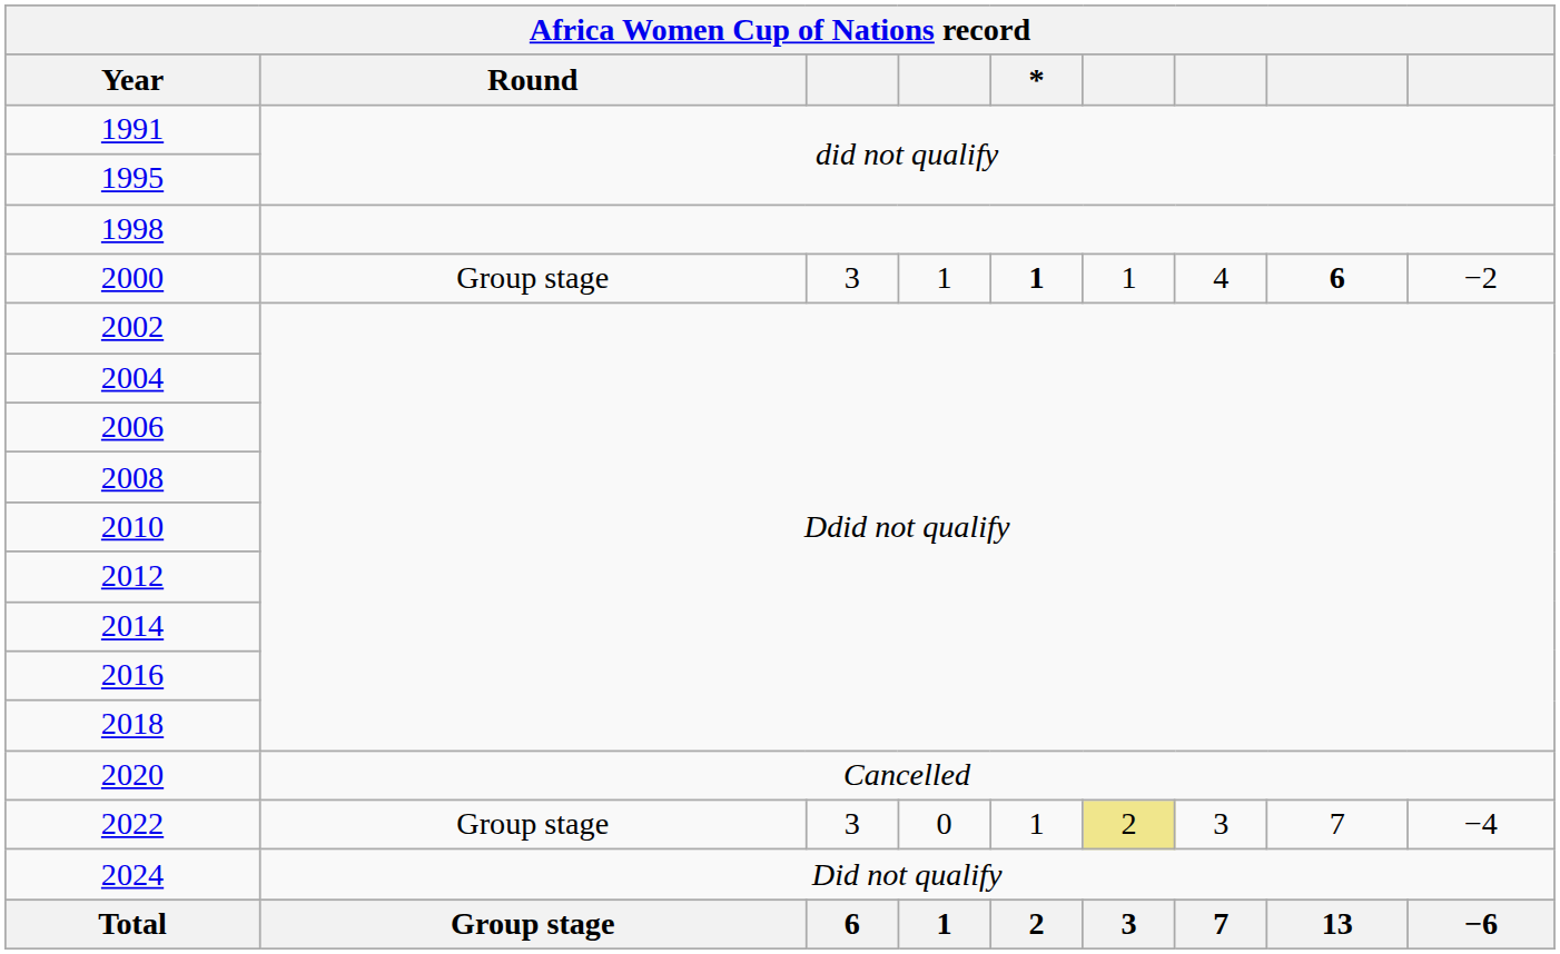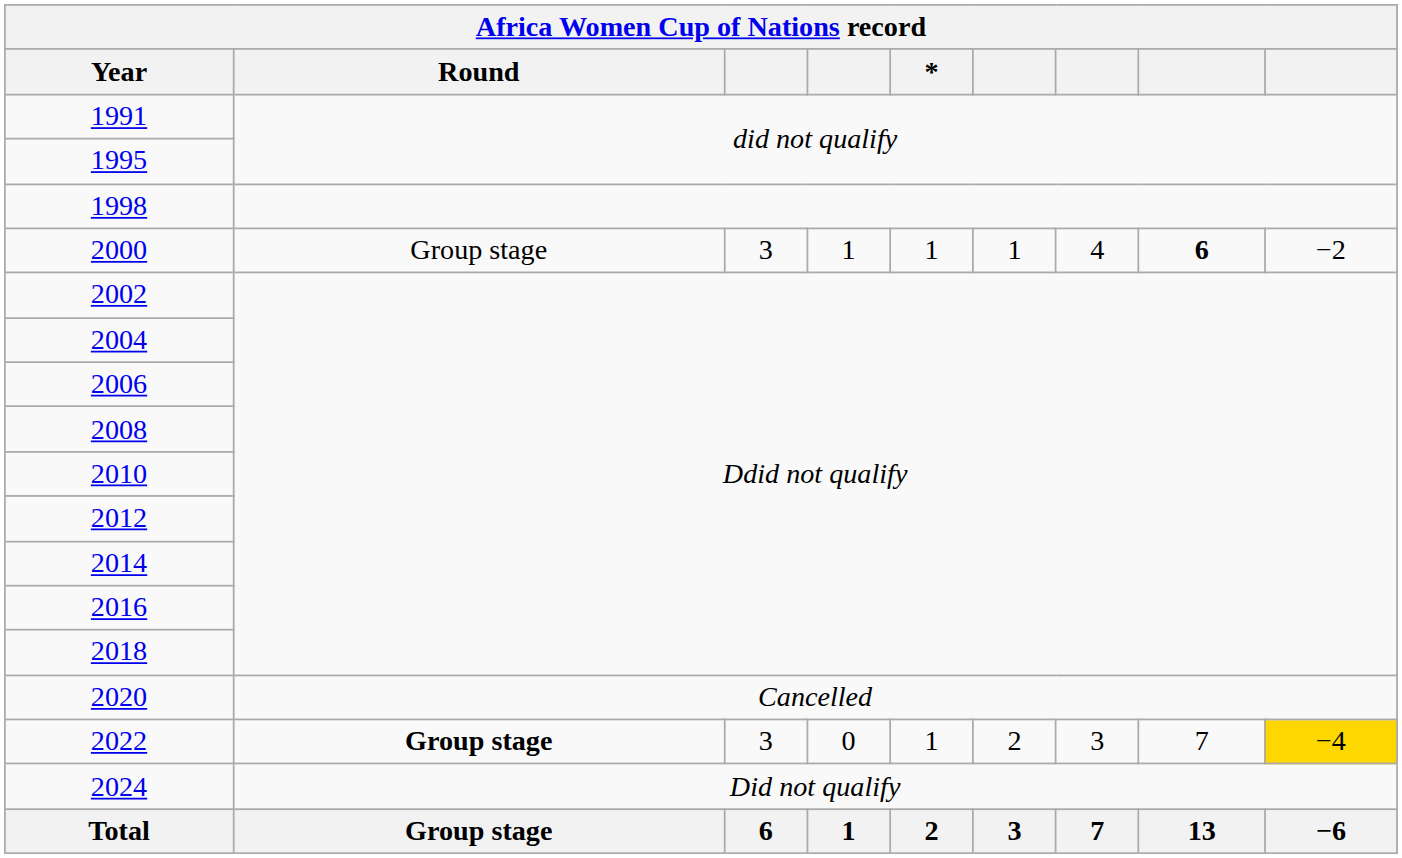 <table class="wikitable" style="text-align: center; width:50%;">
 <tr>
 <th colspan=10><a href='#'>Africa Women Cup of Nations</a> record</th>
 </tr>
 <tr>
 <th>Year</th>
 <th>Round</th>
 <th></th>
 <th></th>
 <th>*</th>
 <th></th>
 <th></th>
 <th></th>
 <th></th>
 </tr>
 <tr>
 <td><a href='#'>1991</a></td>
 <td colspan=8 rowspan=2><em>did not qualify</em></td>
 </tr>
 <tr>
 <td><a href='#'>1995</a></td>
 </tr>
 <tr>
 <td> <a href='#'>1998</a></td>
 </tr>
 <tr>
 <td> <a href='#'>2000</a></td>
 <td>Group stage</td>
 <td>3</td>
 <td>1</td>
-<td><strong>1</strong></td>
+<td>1</td>
 <td>1</td>
 <td>4</td>
 <td><strong>6</strong></td>
 <td>−2</td>
 </tr>
 <tr>
 <td> <a href='#'>2002</a></td>
 <td colspan=8 rowspan=9><em>Ddid not qualify</em></td>
 </tr>
 <tr>
 <td> <a href='#'>2004</a></td>
 </tr>
 <tr>
 <td> <a href='#'>2006</a></td>
 </tr>
 <tr>
 <td> <a href='#'>2008</a></td>
 </tr>
 <tr>
 <td> <a href='#'>2010</a></td>
 </tr>
 <tr>
 <td> <a href='#'>2012</a></td>
 </tr>
 <tr>
 <td> <a href='#'>2014</a></td>
 </tr>
 <tr>
 <td> <a href='#'>2016</a></td>
 </tr>
 <tr>
 <td> <a href='#'>2018</a></td>
 </tr>
 <tr>
 <td> <a href='#'>2020</a></td>
 <td colspan=8><em>Cancelled</em></td>
 </tr>
 <tr>
 <td> <a href='#'>2022</a></td>
-<td>Group stage</td>
+<td><strong>Group stage</strong></td>
 <td>3</td>
 <td>0</td>
 <td>1</td>
-<td style="background: khaki;">2</td>
+<td>2</td>
 <td>3</td>
 <td>7</td>
-<td>−4</td>
+<td style="background: gold;">−4</td>
 </tr>
 <tr>
 <td> <a href='#'>2024</a></td>
 <td colspan=8><em>Did not qualify</em></td>
 </tr>
 <tr>
 <th>Total</th>
 <th>Group stage</th>
 <th>6</th>
 <th>1</th>
 <th>2</th>
 <th>3</th>
 <th>7</th>
 <th>13</th>
 <th>−6</th>
 </tr>
 </table>
